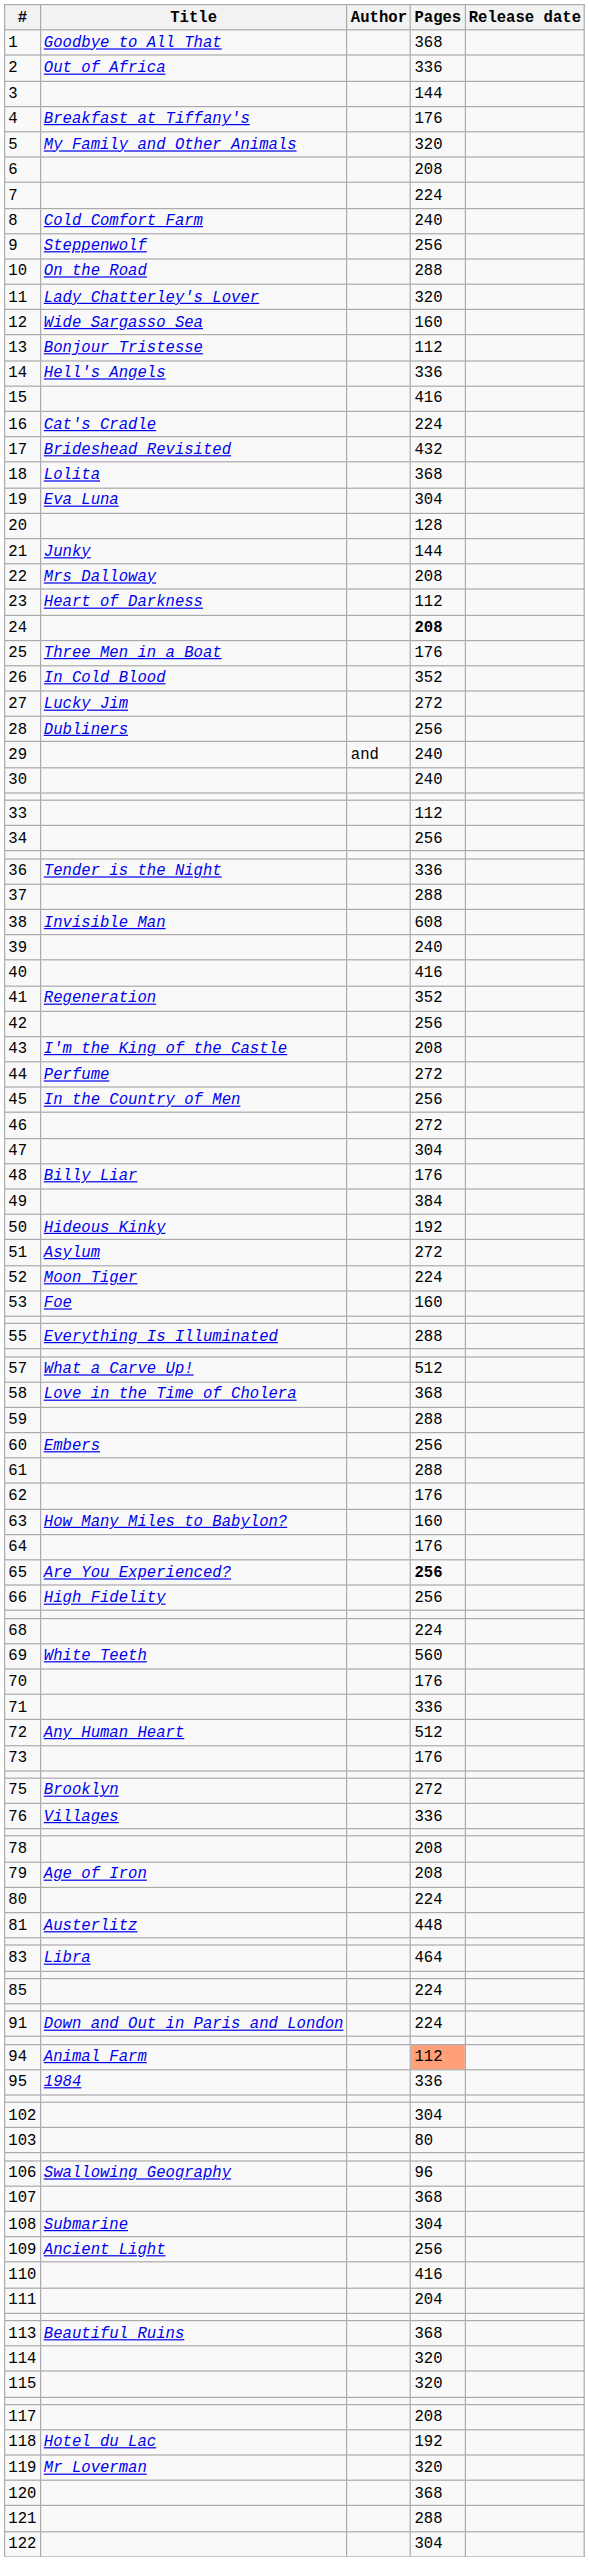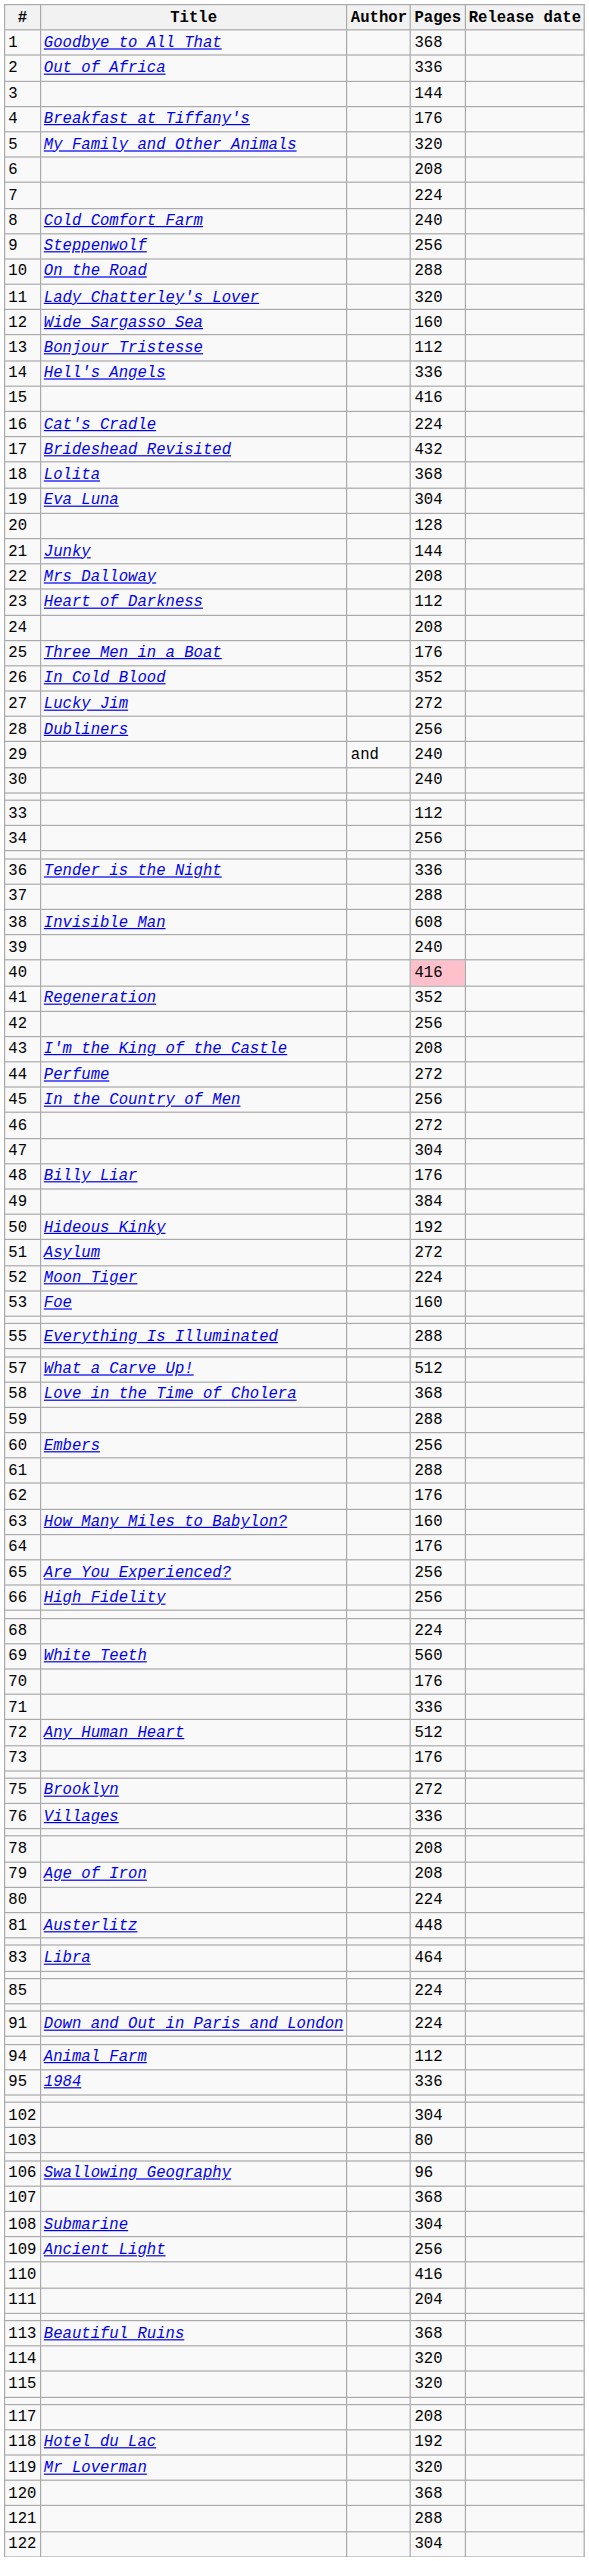 <table class="wikitable sortable">
 <tr>
 <th scope="col">#</th>
 <th scope="col">Title</th>
 <th scope="col">Author</th>
 <th scope="col">Pages</th>
 <th scope="col">Release date</th>
 </tr>
 <tr>
 <td>1</td>
 <td><em><a href='#'>Goodbye to All That</a></em></td>
 <td></td>
 <td>368</td>
 <td></td>
 </tr>
 <tr>
 <td>2</td>
 <td><em><a href='#'>Out of Africa</a></em></td>
 <td></td>
 <td>336</td>
 <td></td>
 </tr>
 <tr>
 <td>3</td>
 <td><em></em></td>
 <td></td>
 <td>144</td>
 <td></td>
 </tr>
 <tr>
 <td>4</td>
 <td><em><a href='#'>Breakfast at Tiffany's</a></em></td>
 <td></td>
 <td>176</td>
 <td></td>
 </tr>
 <tr>
 <td>5</td>
 <td><em><a href='#'>My Family and Other Animals</a></em></td>
 <td></td>
 <td>320</td>
 <td></td>
 </tr>
 <tr>
 <td>6</td>
 <td><em></em></td>
 <td></td>
 <td>208</td>
 <td></td>
 </tr>
 <tr>
 <td>7</td>
 <td><em></em></td>
 <td></td>
 <td>224</td>
 <td></td>
 </tr>
 <tr>
 <td>8</td>
 <td><em><a href='#'>Cold Comfort Farm</a></em></td>
 <td></td>
 <td>240</td>
 <td></td>
 </tr>
 <tr>
 <td>9</td>
 <td><em><a href='#'>Steppenwolf</a></em></td>
 <td></td>
 <td>256</td>
 <td></td>
 </tr>
 <tr>
 <td>10</td>
 <td><em><a href='#'>On the Road</a></em></td>
 <td></td>
 <td>288</td>
 <td></td>
 </tr>
 <tr>
 <td>11</td>
 <td><em><a href='#'>Lady Chatterley's Lover</a></em></td>
 <td></td>
 <td>320</td>
 <td></td>
 </tr>
 <tr>
 <td>12</td>
 <td><em><a href='#'>Wide Sargasso Sea</a></em></td>
 <td></td>
 <td>160</td>
 <td></td>
 </tr>
 <tr>
 <td>13</td>
 <td><em><a href='#'>Bonjour Tristesse</a></em></td>
 <td></td>
 <td>112</td>
 <td></td>
 </tr>
 <tr>
 <td>14</td>
 <td><em><a href='#'>Hell's Angels</a></em></td>
 <td></td>
 <td>336</td>
 <td></td>
 </tr>
 <tr>
 <td>15</td>
 <td><em></em></td>
 <td></td>
 <td>416</td>
 <td></td>
 </tr>
 <tr>
 <td>16</td>
 <td><em><a href='#'>Cat's Cradle</a></em></td>
 <td></td>
 <td>224</td>
 <td></td>
 </tr>
 <tr>
 <td>17</td>
 <td><em><a href='#'>Brideshead Revisited</a></em></td>
 <td></td>
 <td>432</td>
 <td></td>
 </tr>
 <tr>
 <td>18</td>
 <td><em><a href='#'>Lolita</a></em></td>
 <td></td>
 <td>368</td>
 <td></td>
 </tr>
 <tr>
 <td>19</td>
 <td><em><a href='#'>Eva Luna</a></em></td>
 <td></td>
 <td>304</td>
 <td></td>
 </tr>
 <tr>
 <td>20</td>
 <td><em></em></td>
 <td></td>
 <td>128</td>
 <td></td>
 </tr>
 <tr>
 <td>21</td>
 <td><em><a href='#'>Junky</a></em></td>
 <td></td>
 <td>144</td>
 <td></td>
 </tr>
 <tr>
 <td>22</td>
 <td><em><a href='#'>Mrs Dalloway</a></em></td>
 <td></td>
 <td>208</td>
 <td></td>
 </tr>
 <tr>
 <td>23</td>
 <td><em><a href='#'>Heart of Darkness</a></em></td>
 <td></td>
 <td>112</td>
 <td></td>
 </tr>
 <tr>
 <td>24</td>
 <td><em></em></td>
 <td></td>
-<td><strong>208</strong></td>
+<td>208</td>
 <td></td>
 </tr>
 <tr>
 <td>25</td>
 <td><em><a href='#'>Three Men in a Boat</a></em></td>
 <td></td>
 <td>176</td>
 <td></td>
 </tr>
 <tr>
 <td>26</td>
 <td><em><a href='#'>In Cold Blood</a></em></td>
 <td></td>
 <td>352</td>
 <td></td>
 </tr>
 <tr>
 <td>27</td>
 <td><em><a href='#'>Lucky Jim</a></em></td>
 <td></td>
 <td>272</td>
 <td></td>
 </tr>
 <tr>
 <td>28</td>
 <td><em><a href='#'>Dubliners</a></em></td>
 <td></td>
 <td>256</td>
 <td></td>
 </tr>
 <tr>
 <td>29</td>
 <td><em></em></td>
 <td> and </td>
 <td>240</td>
 <td></td>
 </tr>
 <tr>
 <td>30</td>
 <td><em></em></td>
 <td></td>
 <td>240</td>
 <td></td>
 </tr>
 <tr>
 <td></td>
 <td></td>
 <td></td>
 <td></td>
 <td></td>
 </tr>
 <tr>
 <td>33</td>
 <td><em></em></td>
 <td></td>
 <td>112</td>
 <td></td>
 </tr>
 <tr>
 <td>34</td>
 <td><em></em></td>
 <td></td>
 <td>256</td>
 <td></td>
 </tr>
 <tr>
 <td></td>
 <td></td>
 <td></td>
 <td></td>
 <td></td>
 </tr>
 <tr>
 <td>36</td>
 <td><em><a href='#'>Tender is the Night</a></em></td>
 <td></td>
 <td>336</td>
 <td></td>
 </tr>
 <tr>
 <td>37</td>
 <td><em></em></td>
 <td></td>
 <td>288</td>
 <td></td>
 </tr>
 <tr>
 <td>38</td>
 <td><em><a href='#'>Invisible Man</a></em></td>
 <td></td>
 <td>608</td>
 <td></td>
 </tr>
 <tr>
 <td>39</td>
 <td><em></em></td>
 <td></td>
 <td>240</td>
 <td></td>
 </tr>
 <tr>
 <td>40</td>
 <td><em></em></td>
 <td></td>
-<td>416</td>
+<td style="background: pink;">416</td>
 <td></td>
 </tr>
 <tr>
 <td>41</td>
 <td><em><a href='#'>Regeneration</a></em></td>
 <td></td>
 <td>352</td>
 <td></td>
 </tr>
 <tr>
 <td>42</td>
 <td><em></em></td>
 <td></td>
 <td>256</td>
 <td></td>
 </tr>
 <tr>
 <td>43</td>
 <td><em><a href='#'>I'm the King of the Castle</a></em></td>
 <td></td>
 <td>208</td>
 <td></td>
 </tr>
 <tr>
 <td>44</td>
 <td><em><a href='#'>Perfume</a></em></td>
 <td></td>
 <td>272</td>
 <td></td>
 </tr>
 <tr>
 <td>45</td>
 <td><em><a href='#'>In the Country of Men</a></em></td>
 <td></td>
 <td>256</td>
 <td></td>
 </tr>
 <tr>
 <td>46</td>
 <td><em></em></td>
 <td></td>
 <td>272</td>
 <td></td>
 </tr>
 <tr>
 <td>47</td>
 <td><em></em></td>
 <td></td>
 <td>304</td>
 <td></td>
 </tr>
 <tr>
 <td>48</td>
 <td><em><a href='#'>Billy Liar</a></em></td>
 <td></td>
 <td>176</td>
 <td></td>
 </tr>
 <tr>
 <td>49</td>
 <td><em></em></td>
 <td></td>
 <td>384</td>
 <td></td>
 </tr>
 <tr>
 <td>50</td>
 <td><em><a href='#'>Hideous Kinky</a></em></td>
 <td></td>
 <td>192</td>
 <td></td>
 </tr>
 <tr>
 <td>51</td>
 <td><em><a href='#'>Asylum</a></em></td>
 <td></td>
 <td>272</td>
 <td></td>
 </tr>
 <tr>
 <td>52</td>
 <td><em><a href='#'>Moon Tiger</a></em></td>
 <td></td>
 <td>224</td>
 <td></td>
 </tr>
 <tr>
 <td>53</td>
 <td><em><a href='#'>Foe</a></em></td>
 <td></td>
 <td>160</td>
 <td></td>
 </tr>
 <tr>
 <td></td>
 <td></td>
 <td></td>
 <td></td>
 <td></td>
 </tr>
 <tr>
 <td>55</td>
 <td><em><a href='#'>Everything Is Illuminated</a></em></td>
 <td></td>
 <td>288</td>
 <td></td>
 </tr>
 <tr>
 <td></td>
 <td></td>
 <td></td>
 <td></td>
 <td></td>
 </tr>
 <tr>
 <td>57</td>
 <td><em><a href='#'>What a Carve Up!</a></em></td>
 <td></td>
 <td>512</td>
 <td></td>
 </tr>
 <tr>
 <td>58</td>
 <td><em><a href='#'>Love in the Time of Cholera</a></em></td>
 <td></td>
 <td>368</td>
 <td></td>
 </tr>
 <tr>
 <td>59</td>
 <td><em></em></td>
 <td></td>
 <td>288</td>
 <td></td>
 </tr>
 <tr>
 <td>60</td>
 <td><em><a href='#'>Embers</a></em></td>
 <td></td>
 <td>256</td>
 <td></td>
 </tr>
 <tr>
 <td>61</td>
 <td><em></em></td>
 <td></td>
 <td>288</td>
 <td></td>
 </tr>
 <tr>
 <td>62</td>
 <td><em></em></td>
 <td></td>
 <td>176</td>
 <td></td>
 </tr>
 <tr>
 <td>63</td>
 <td><em><a href='#'>How Many Miles to Babylon?</a></em></td>
 <td></td>
 <td>160</td>
 <td></td>
 </tr>
 <tr>
 <td>64</td>
 <td><em></em></td>
 <td></td>
 <td>176</td>
 <td></td>
 </tr>
 <tr>
 <td>65</td>
 <td><em><a href='#'>Are You Experienced?</a></em></td>
 <td></td>
-<td><strong>256</strong></td>
+<td>256</td>
 <td></td>
 </tr>
 <tr>
 <td>66</td>
 <td><em><a href='#'>High Fidelity</a></em></td>
 <td></td>
 <td>256</td>
 <td></td>
 </tr>
 <tr>
 <td></td>
 <td></td>
 <td></td>
 <td></td>
 <td></td>
 </tr>
 <tr>
 <td>68</td>
 <td><em></em></td>
 <td></td>
 <td>224</td>
 <td></td>
 </tr>
 <tr>
 <td>69</td>
 <td><em><a href='#'>White Teeth</a></em></td>
 <td></td>
 <td>560</td>
 <td></td>
 </tr>
 <tr>
 <td>70</td>
 <td><em></em></td>
 <td></td>
 <td>176</td>
 <td></td>
 </tr>
 <tr>
 <td>71</td>
 <td><em></em></td>
 <td></td>
 <td>336</td>
 <td></td>
 </tr>
 <tr>
 <td>72</td>
 <td><em><a href='#'>Any Human Heart</a></em></td>
 <td></td>
 <td>512</td>
 <td></td>
 </tr>
 <tr>
 <td>73</td>
 <td><em></em></td>
 <td></td>
 <td>176</td>
 <td></td>
 </tr>
 <tr>
 <td></td>
 <td></td>
 <td></td>
 <td></td>
 <td></td>
 </tr>
 <tr>
 <td>75</td>
 <td><em><a href='#'>Brooklyn</a></em></td>
 <td></td>
 <td>272</td>
 <td></td>
 </tr>
 <tr>
 <td>76</td>
 <td><em><a href='#'>Villages</a></em></td>
 <td></td>
 <td>336</td>
 <td></td>
 </tr>
 <tr>
 <td></td>
 <td></td>
 <td></td>
 <td></td>
 <td></td>
 </tr>
 <tr>
 <td>78</td>
 <td><em></em></td>
 <td></td>
 <td>208</td>
 <td></td>
 </tr>
 <tr>
 <td>79</td>
 <td><em><a href='#'>Age of Iron</a></em></td>
 <td></td>
 <td>208</td>
 <td></td>
 </tr>
 <tr>
 <td>80</td>
 <td><em></em></td>
 <td></td>
 <td>224</td>
 <td></td>
 </tr>
 <tr>
 <td>81</td>
 <td><em><a href='#'>Austerlitz</a></em></td>
 <td></td>
 <td>448</td>
 <td></td>
 </tr>
 <tr>
 <td></td>
 <td></td>
 <td></td>
 <td></td>
 <td></td>
 </tr>
 <tr>
 <td>83</td>
 <td><em><a href='#'>Libra</a></em></td>
 <td></td>
 <td>464</td>
 <td></td>
 </tr>
 <tr>
 <td></td>
 <td></td>
 <td></td>
 <td></td>
 <td></td>
 </tr>
 <tr>
 <td>85</td>
 <td><em></em></td>
 <td></td>
 <td>224</td>
 <td></td>
 </tr>
 <tr>
 <td></td>
 <td></td>
 <td></td>
 <td></td>
 <td></td>
 </tr>
 <tr>
 <td>91</td>
 <td><em><a href='#'>Down and Out in Paris and London</a></em></td>
 <td></td>
 <td>224</td>
 <td></td>
 </tr>
 <tr>
 <td></td>
 <td></td>
 <td></td>
 <td></td>
 <td></td>
 </tr>
 <tr>
 <td>94</td>
 <td><em><a href='#'>Animal Farm</a></em></td>
 <td></td>
-<td style="background: lightsalmon;">112</td>
+<td>112</td>
 <td></td>
 </tr>
 <tr>
 <td>95</td>
 <td><em><a href='#'>1984</a></em></td>
 <td></td>
 <td>336</td>
 <td></td>
 </tr>
 <tr>
 <td></td>
 <td></td>
 <td></td>
 <td></td>
 <td></td>
 </tr>
 <tr>
 <td>102</td>
 <td><em></em></td>
 <td></td>
 <td>304</td>
 <td></td>
 </tr>
 <tr>
 <td>103</td>
 <td><em></em></td>
 <td></td>
 <td>80</td>
 <td></td>
 </tr>
 <tr>
 <td></td>
 <td></td>
 <td></td>
 <td></td>
 <td></td>
 </tr>
 <tr>
 <td>106</td>
 <td><em><a href='#'>Swallowing Geography</a></em></td>
 <td></td>
 <td>96</td>
 <td></td>
 </tr>
 <tr>
 <td>107</td>
 <td><em></em></td>
 <td></td>
 <td>368</td>
 <td></td>
 </tr>
 <tr>
 <td>108</td>
 <td><em><a href='#'>Submarine</a></em></td>
 <td></td>
 <td>304</td>
 <td></td>
 </tr>
 <tr>
 <td>109</td>
 <td><em><a href='#'>Ancient Light</a></em></td>
 <td></td>
 <td>256</td>
 <td></td>
 </tr>
 <tr>
 <td>110</td>
 <td><em></em></td>
 <td></td>
 <td>416</td>
 <td></td>
 </tr>
 <tr>
 <td>111</td>
 <td><em></em></td>
 <td></td>
 <td>204</td>
 <td></td>
 </tr>
 <tr>
 <td></td>
 <td></td>
 <td></td>
 <td></td>
 <td></td>
 </tr>
 <tr>
 <td>113</td>
 <td><em><a href='#'>Beautiful Ruins</a></em></td>
 <td></td>
 <td>368</td>
 <td></td>
 </tr>
 <tr>
 <td>114</td>
 <td><em></em></td>
 <td></td>
 <td>320</td>
 <td></td>
 </tr>
 <tr>
 <td>115</td>
 <td><em></em></td>
 <td></td>
 <td>320</td>
 <td></td>
 </tr>
 <tr>
 <td></td>
 <td></td>
 <td></td>
 <td></td>
 <td></td>
 </tr>
 <tr>
 <td>117</td>
 <td><em></em></td>
 <td></td>
 <td>208</td>
 <td></td>
 </tr>
 <tr>
 <td>118</td>
 <td><em><a href='#'>Hotel du Lac</a></em></td>
 <td></td>
 <td>192</td>
 <td></td>
 </tr>
 <tr>
 <td>119</td>
 <td><em><a href='#'>Mr Loverman</a></em></td>
 <td></td>
 <td>320</td>
 <td></td>
 </tr>
 <tr>
 <td>120</td>
 <td><em></em></td>
 <td></td>
 <td>368</td>
 <td></td>
 </tr>
 <tr>
 <td>121</td>
 <td><em></em></td>
 <td></td>
 <td>288</td>
 <td></td>
 </tr>
 <tr>
 <td>122</td>
 <td><em></em></td>
 <td></td>
 <td>304</td>
 <td></td>
 </tr>
 </table>
